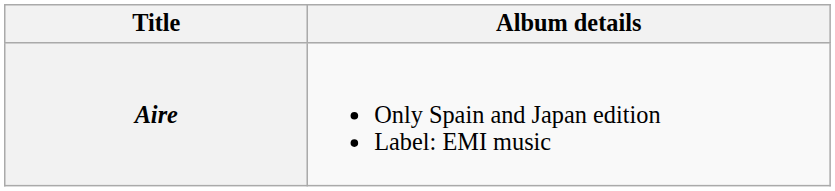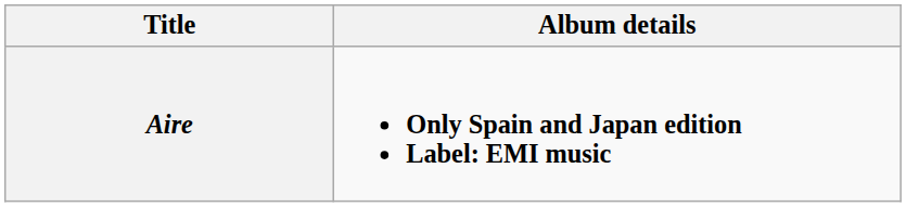 <table class="wikitable plainrowheaders" style="text-align:center;">
 <tr>
 <th scope="col" style="width:12em;">Title</th>
 <th scope="col" style="width:21em;">Album details</th>
 </tr>
 <tr>
 <th scope="row" align="center"><em>Aire</em></th>
-<td align="left"><br><ul><li>Only Spain and Japan edition</li><li>Label: EMI music</li></ul></td>
+<td align="left"><strong><br><ul><li>Only Spain and Japan edition</li><li>Label: EMI music</li></ul></strong></td>
 </tr>
 </table>
